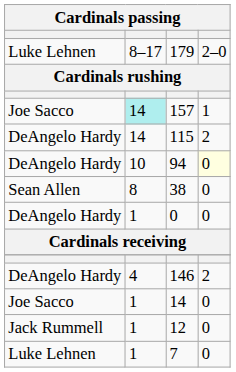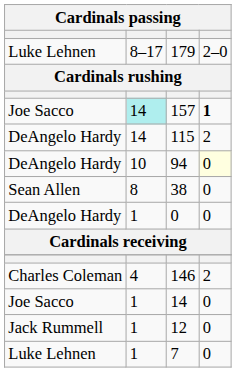 <table class="wikitable plainrowheaders">
 <tr>
 <th colspan="6">Cardinals passing</th>
 </tr>
 <tr>
 <th scope="col"></th>
 <th scope="col"></th>
 <th scope="col"></th>
 <th scope="col"></th>
 </tr>
 <tr>
 <td>Luke Lehnen</td>
 <td>8–17</td>
 <td>179</td>
 <td>2–0</td>
 </tr>
 <tr>
 <th colspan="6">Cardinals rushing</th>
 </tr>
 <tr>
 <th scope="col"></th>
 <th scope="col"></th>
 <th scope="col"></th>
 <th scope="col"></th>
 </tr>
 <tr>
 <td>Joe Sacco</td>
 <td style="background: paleturquoise;">14</td>
 <td>157</td>
-<td>1</td>
+<td><strong>1</strong></td>
 </tr>
 <tr>
 <td>DeAngelo Hardy</td>
 <td>14</td>
 <td>115</td>
 <td>2</td>
 </tr>
 <tr>
 <td>DeAngelo Hardy</td>
 <td>10</td>
 <td>94</td>
 <td style="background: lightyellow;">0</td>
 </tr>
 <tr>
 <td>Sean Allen</td>
 <td>8</td>
 <td>38</td>
 <td>0</td>
 </tr>
 <tr>
 <td>DeAngelo Hardy</td>
 <td>1</td>
 <td>0</td>
 <td>0</td>
 </tr>
 <tr>
 <th colspan="6">Cardinals receiving</th>
 </tr>
 <tr>
 </tr>
 <tr>
 <th scope="col"></th>
 <th scope="col"></th>
 <th scope="col"></th>
 <th scope="col"></th>
 </tr>
 <tr>
-<td>DeAngelo Hardy</td>
+<td>Charles Coleman</td>
 <td>4</td>
 <td>146</td>
 <td>2</td>
 </tr>
 <tr>
 <td>Joe Sacco</td>
 <td>1</td>
 <td>14</td>
 <td>0</td>
 </tr>
 <tr>
 <td>Jack Rummell</td>
 <td>1</td>
 <td>12</td>
 <td>0</td>
 </tr>
 <tr>
 <td>Luke Lehnen</td>
 <td>1</td>
 <td>7</td>
 <td>0</td>
 </tr>
 </table>
